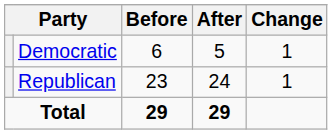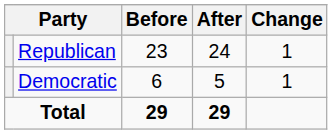 <table class="wikitable" style="text-align:center;">
 <tr>
 </tr>
 <tr>
 <th colspan=2>Party</th>
 <th>Before</th>
 <th>After</th>
 <th>Change</th>
 </tr>
 <tr>
 <th style="background-color:"></th>
-<td style="text-align:left;"><a href='#'>Democratic</a></td>
-<td>6</td>
-<td>5</td>
+<td style="text-align:left;"><a href='#'>Republican</a></td>
+<td>23</td>
+<td>24</td>
 <td> 1</td>
 </tr>
 <tr>
 <th style="background-color:"></th>
-<td style="text-align:left;"><a href='#'>Republican</a></td>
-<td>23</td>
-<td>24</td>
+<td style="text-align:left;"><a href='#'>Democratic</a></td>
+<td>6</td>
+<td>5</td>
 <td> 1</td>
 </tr>
 <tr>
 <td colspan=2><strong>Total</strong></td>
 <td><strong>29</strong></td>
 <td><strong>29</strong></td>
 <td></td>
 </tr>
 </table>
